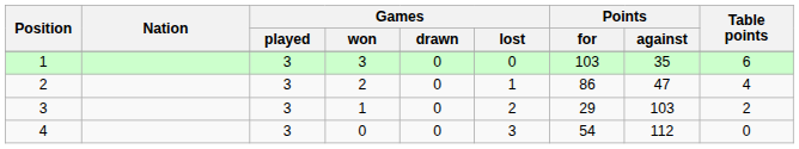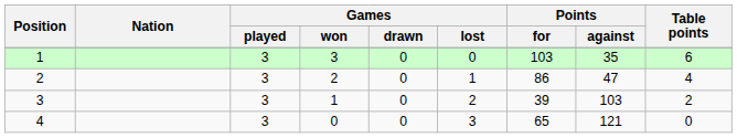 <table class="wikitable" style="text-align: center;">
 <tr>
 <th rowspan=2 width="8%">Position</th>
 <th rowspan=2 width="18%">Nation</th>
 <th colspan=4 width="32%">Games</th>
 <th colspan=2 width="16%">Points</th>
 <th rowspan=2 width="10%">Table<br>points</th>
 </tr>
 <tr>
 <th width="8%">played</th>
 <th width="8%">won</th>
 <th width="8%">drawn</th>
 <th width="8%">lost</th>
 <th width="8%">for</th>
 <th width="8%">against</th>
 </tr>
 <tr>
 </tr>
 <tr bgcolor=#ccffcc align=center>
 <td>1</td>
 <td align="left"></td>
 <td>3</td>
 <td>3</td>
 <td>0</td>
 <td>0</td>
 <td>103</td>
 <td>35</td>
 <td>6</td>
 </tr>
 <tr>
 <td>2</td>
 <td align="left"></td>
 <td>3</td>
 <td>2</td>
 <td>0</td>
 <td>1</td>
 <td>86</td>
 <td>47</td>
 <td>4</td>
 </tr>
 <tr>
 <td>3</td>
 <td align="left"></td>
 <td>3</td>
 <td>1</td>
 <td>0</td>
 <td>2</td>
-<td>29</td>
+<td>39</td>
 <td>103</td>
 <td>2</td>
 </tr>
 <tr>
 <td>4</td>
 <td align="left"></td>
 <td>3</td>
 <td>0</td>
 <td>0</td>
 <td>3</td>
-<td>54</td>
-<td>112</td>
+<td>65</td>
+<td>121</td>
 <td>0</td>
 </tr>
 </table>
